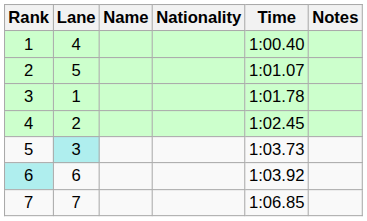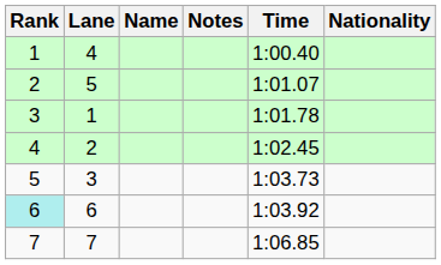 <table class="wikitable sortable" style="text-align:center">
 <tr>
 <th>Rank</th>
 <th>Lane</th>
 <th>Name</th>
+<th>Notes</th>
+<th>Time</th>
 <th>Nationality</th>
-<th>Time</th>
-<th>Notes</th>
 </tr>
 <tr bgcolor=ccffcc>
 <td>1</td>
 <td>4</td>
 <td align=left></td>
+<td><strong></strong></td>
+<td>1:00.40</td>
 <td align=left></td>
-<td>1:00.40</td>
-<td><strong></strong></td>
 </tr>
 <tr bgcolor=ccffcc>
 <td>2</td>
 <td>5</td>
 <td align=left></td>
+<td><strong></strong></td>
+<td>1:01.07</td>
 <td align=left></td>
-<td>1:01.07</td>
-<td><strong></strong></td>
 </tr>
 <tr bgcolor=ccffcc>
 <td>3</td>
 <td>1</td>
 <td align=left></td>
+<td><strong></strong></td>
+<td>1:01.78</td>
 <td align=left></td>
-<td>1:01.78</td>
-<td><strong></strong></td>
 </tr>
 <tr bgcolor=ccffcc>
 <td>4</td>
 <td>2</td>
 <td align=left></td>
+<td><strong></strong></td>
+<td>1:02.45</td>
 <td align=left></td>
-<td>1:02.45</td>
-<td><strong></strong></td>
 </tr>
 <tr>
 <td>5</td>
-<td style="background: paleturquoise;">3</td>
+<td>3</td>
 <td align=left></td>
+<td></td>
+<td>1:03.73</td>
 <td align=left></td>
-<td>1:03.73</td>
-<td></td>
 </tr>
 <tr>
 <td style="background: paleturquoise;">6</td>
 <td>6</td>
 <td align=left></td>
+<td></td>
+<td>1:03.92</td>
 <td align=left></td>
-<td>1:03.92</td>
-<td></td>
 </tr>
 <tr>
 <td>7</td>
 <td>7</td>
 <td align=left></td>
+<td></td>
+<td>1:06.85</td>
 <td align=left></td>
-<td>1:06.85</td>
-<td></td>
 </tr>
 </table>
